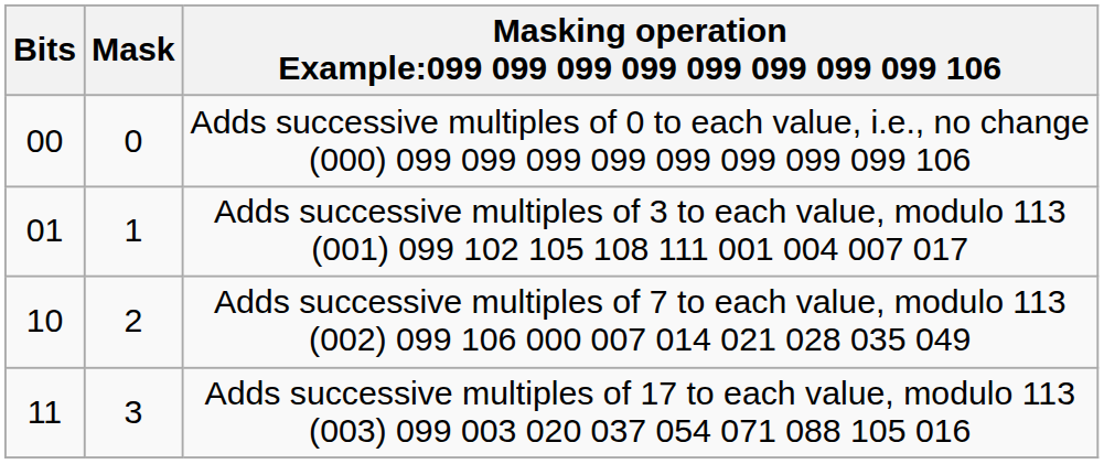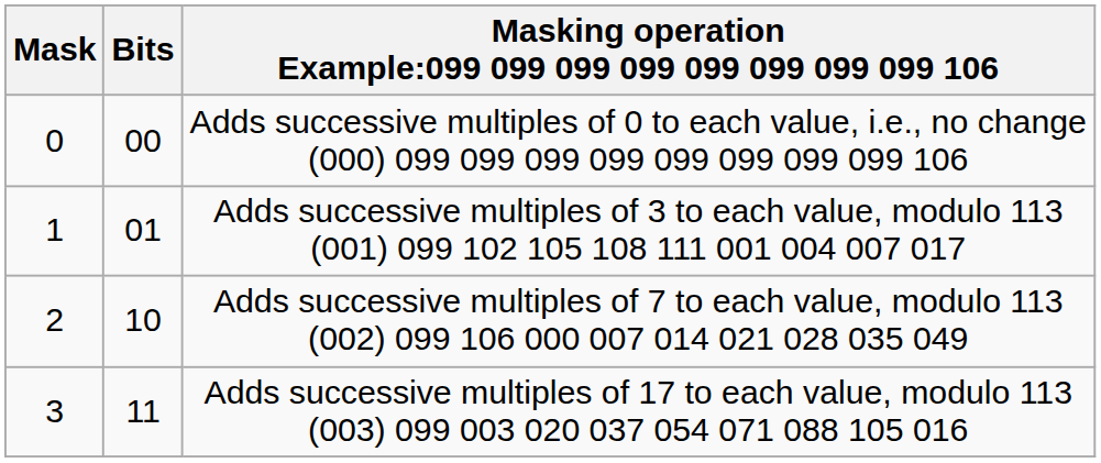 <table class="wikitable" border="1" style="text-align:center">
 <tr>
+<th>Mask</th>
 <th>Bits</th>
-<th>Mask</th>
 <th>Masking operation<br>Example:099 099 099 099 099 099 099 099 106</th>
 </tr>
 <tr>
+<td>0</td>
 <td>00</td>
-<td>0</td>
 <td>Adds successive multiples of 0 to each value, i.e., no change<br>(000) 099 099 099 099 099 099 099 099 106</td>
 </tr>
 <tr>
+<td>1</td>
 <td>01</td>
-<td>1</td>
 <td>Adds successive multiples of 3 to each value, modulo 113<br>(001) 099 102 105 108 111 001 004 007 017</td>
 </tr>
 <tr>
+<td>2</td>
 <td>10</td>
-<td>2</td>
 <td>Adds successive multiples of 7 to each value, modulo 113<br>(002) 099 106 000 007 014 021 028 035 049</td>
 </tr>
 <tr>
+<td>3</td>
 <td>11</td>
-<td>3</td>
 <td>Adds successive multiples of 17 to each value, modulo 113<br>(003) 099 003 020 037 054 071 088 105 016</td>
 </tr>
 </table>
